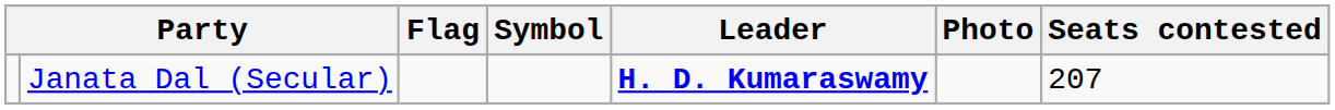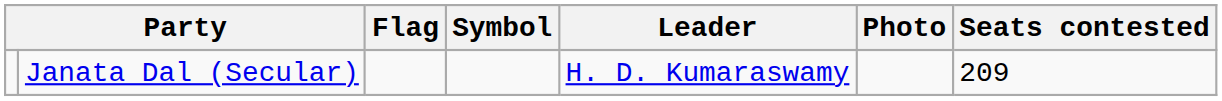 <table class="wikitable">
 <tr>
 <th colspan="2">Party</th>
 <th>Flag</th>
 <th>Symbol</th>
 <th>Leader</th>
 <th>Photo</th>
 <th>Seats contested</th>
 </tr>
 <tr>
 <td style="text-align:center; background:"></td>
 <td><a href='#'>Janata Dal (Secular)</a></td>
 <td></td>
 <td></td>
-<td><strong><a href='#'>H. D. Kumaraswamy</a></strong></td>
+<td><a href='#'>H. D. Kumaraswamy</a></td>
 <td></td>
-<td>207</td>
+<td>209</td>
 </tr>
 </table>
